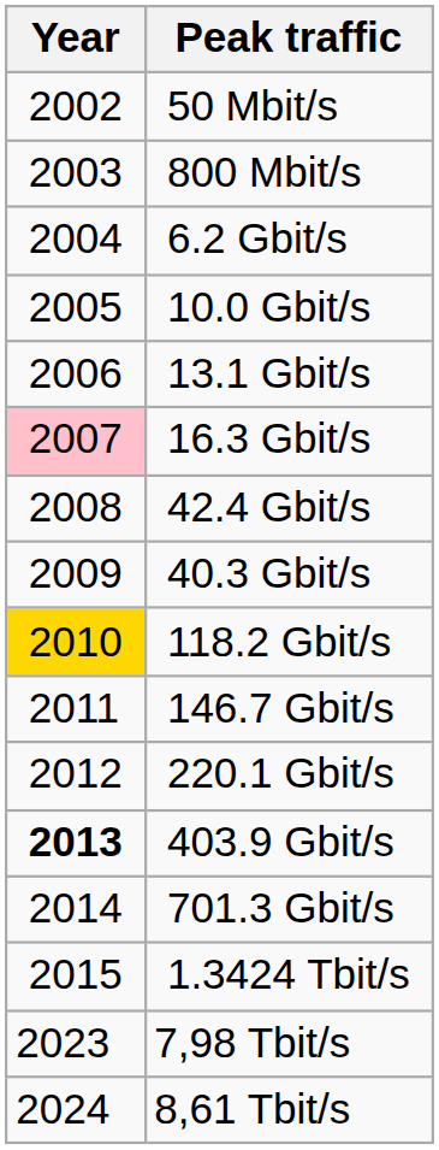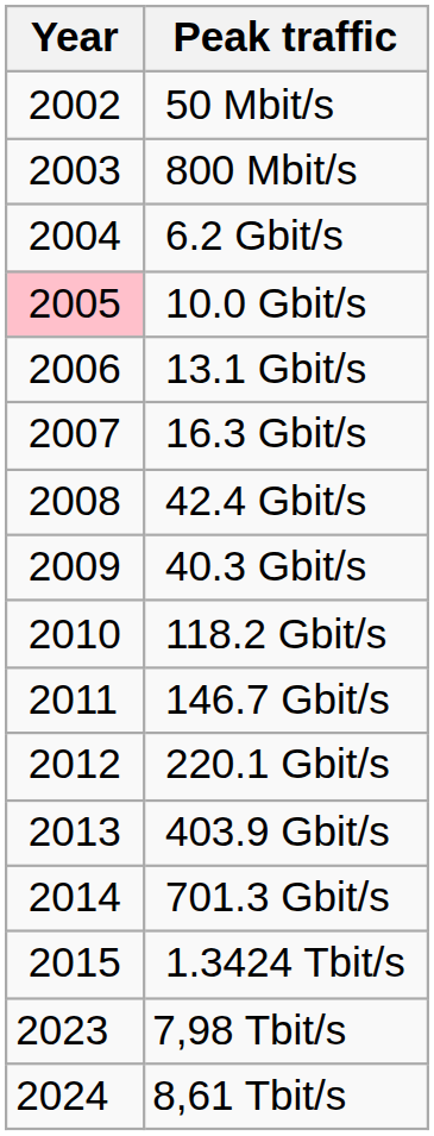 <table class="wikitable">
 <tr>
 <th style="padding-left: 0.5em; padding-right: 0.5em;">Year</th>
 <th style="padding-left: 0.5em; padding-right: 0.5em;">Peak traffic</th>
 </tr>
 <tr>
 <td style="padding-left: 0.5em; padding-right: 0.5em;">2002</td>
 <td style="padding-left: 0.5em; padding-right: 0.5em;">50 Mbit/s</td>
 </tr>
 <tr>
 <td style="padding-left: 0.5em; padding-right: 0.5em;">2003</td>
 <td style="padding-left: 0.5em; padding-right: 0.5em;">800 Mbit/s</td>
 </tr>
 <tr>
 <td style="padding-left: 0.5em; padding-right: 0.5em;">2004</td>
 <td style="padding-left: 0.5em; padding-right: 0.5em;">6.2 Gbit/s</td>
 </tr>
 <tr>
-<td style="padding-left: 0.5em; padding-right: 0.5em;">2005</td>
+<td style="background: pink; padding-left: 0.5em; padding-right: 0.5em;">2005</td>
 <td style="padding-left: 0.5em; padding-right: 0.5em;">10.0 Gbit/s</td>
 </tr>
 <tr>
 <td style="padding-left: 0.5em; padding-right: 0.5em;">2006</td>
 <td style="padding-left: 0.5em; padding-right: 0.5em;">13.1 Gbit/s</td>
 </tr>
 <tr>
-<td style="background: pink; padding-left: 0.5em; padding-right: 0.5em;">2007</td>
+<td style="padding-left: 0.5em; padding-right: 0.5em;">2007</td>
 <td style="padding-left: 0.5em; padding-right: 0.5em;">16.3 Gbit/s</td>
 </tr>
 <tr>
 <td style="padding-left: 0.5em; padding-right: 0.5em;">2008</td>
 <td style="padding-left: 0.5em; padding-right: 0.5em;">42.4 Gbit/s</td>
 </tr>
 <tr>
 <td style="padding-left: 0.5em; padding-right: 0.5em;">2009</td>
 <td style="padding-left: 0.5em; padding-right: 0.5em;">40.3 Gbit/s</td>
 </tr>
 <tr>
-<td style="background: gold; padding-left: 0.5em; padding-right: 0.5em;">2010</td>
+<td style="padding-left: 0.5em; padding-right: 0.5em;">2010</td>
 <td style="padding-left: 0.5em; padding-right: 0.5em;">118.2 Gbit/s</td>
 </tr>
 <tr>
 <td style="padding-left: 0.5em; padding-right: 0.5em;">2011</td>
 <td style="padding-left: 0.5em; padding-right: 0.5em;">146.7 Gbit/s</td>
 </tr>
 <tr>
 <td style="padding-left: 0.5em; padding-right: 0.5em;">2012</td>
 <td style="padding-left: 0.5em; padding-right: 0.5em;">220.1 Gbit/s</td>
 </tr>
 <tr>
-<td style="padding-left: 0.5em; padding-right: 0.5em;"><strong>2013</strong></td>
+<td style="padding-left: 0.5em; padding-right: 0.5em;">2013</td>
 <td style="padding-left: 0.5em; padding-right: 0.5em;">403.9 Gbit/s</td>
 </tr>
 <tr>
 <td style="padding-left: 0.5em; padding-right: 0.5em;">2014</td>
 <td style="padding-left: 0.5em; padding-right: 0.5em;">701.3 Gbit/s</td>
 </tr>
 <tr>
 <td style="padding-left: 0.5em; padding-right: 0.5em;">2015</td>
 <td style="padding-left: 0.5em; padding-right: 0.5em;">1.3424 Tbit/s</td>
 </tr>
 <tr>
 <td>2023</td>
 <td>7,98 Tbit/s</td>
 </tr>
 <tr>
 <td>2024</td>
 <td>8,61 Tbit/s</td>
 </tr>
 </table>
